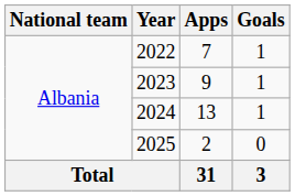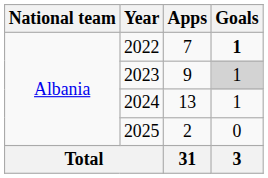 <table class="wikitable" style="text-align:center">
 <tr>
 <th>National team</th>
 <th>Year</th>
 <th>Apps</th>
 <th>Goals</th>
 </tr>
 <tr>
 <td rowspan="4"><a href='#'>Albania</a></td>
 <td>2022</td>
 <td>7</td>
-<td>1</td>
+<td><strong>1</strong></td>
 </tr>
 <tr>
 <td>2023</td>
 <td>9</td>
-<td>1</td>
+<td style="background: lightgrey;">1</td>
 </tr>
 <tr>
 <td>2024</td>
 <td>13</td>
 <td>1</td>
 </tr>
 <tr>
 <td>2025</td>
 <td>2</td>
 <td>0</td>
 </tr>
 <tr>
 <th colspan="2">Total</th>
 <th>31</th>
 <th>3</th>
 </tr>
 </table>
